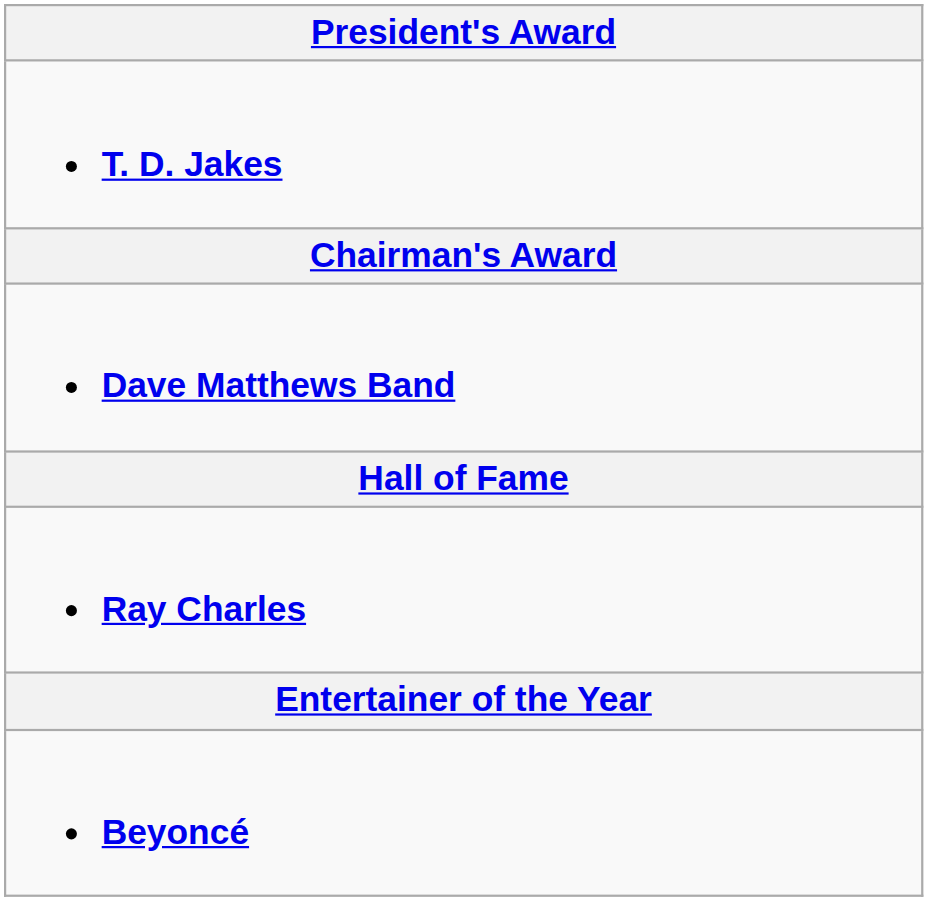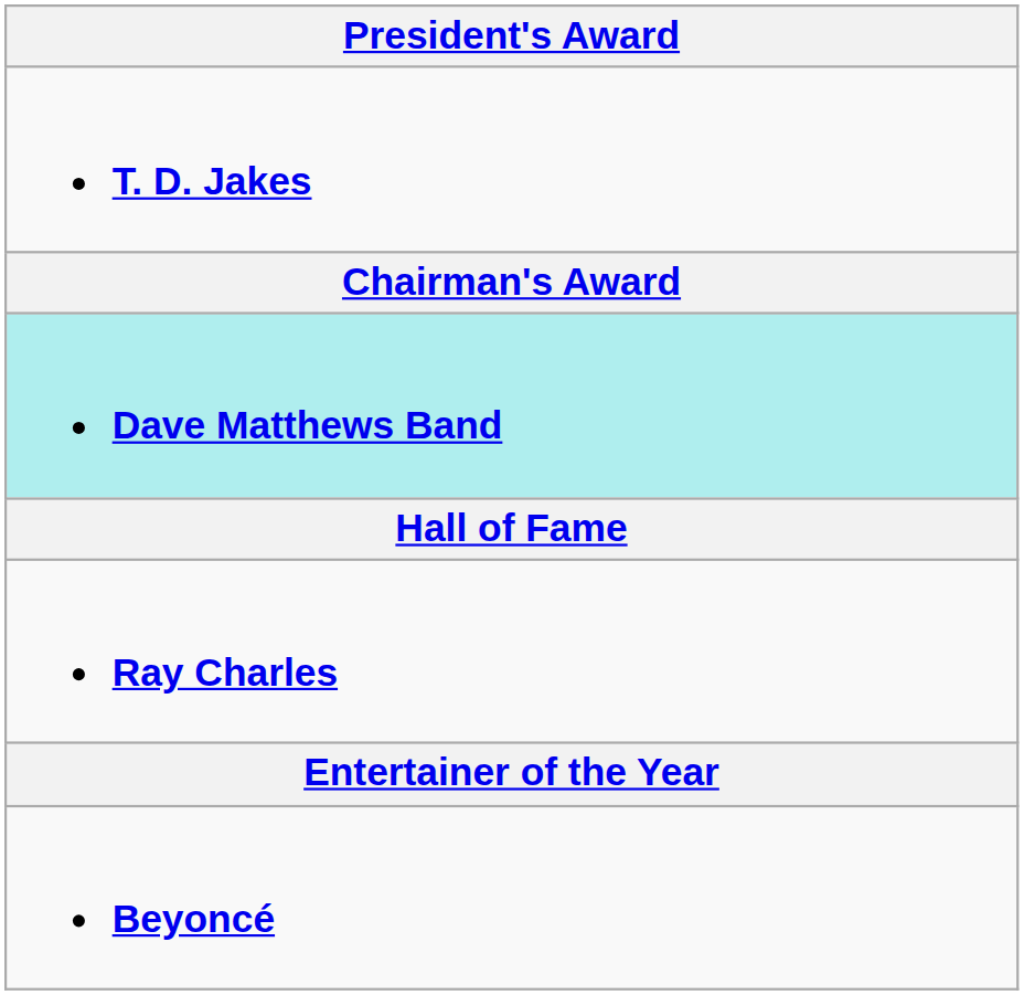 <table class="wikitable">
 <tr>
 <th style="width=50%"><a href='#'>President's Award</a></th>
 </tr>
 <tr>
 <td width="50%" valign="top"><br><ul><li><strong><a href='#'>T. D. Jakes</a></strong></li></ul></td>
 </tr>
 <tr>
 <th style="width=50%"><a href='#'>Chairman's Award</a></th>
 </tr>
 <tr>
-<td width="50%" valign="top"><br><ul><li><strong><a href='#'>Dave Matthews Band</a></strong></li></ul></td>
+<td width="50%" valign="top" style="background: paleturquoise;"><br><ul><li><strong><a href='#'>Dave Matthews Band</a></strong></li></ul></td>
 </tr>
 <tr>
 <th style="width=50%"><a href='#'>Hall of Fame</a></th>
 </tr>
 <tr>
 <td width="50%" valign="top"><br><ul><li><strong><a href='#'>Ray Charles</a></strong></li></ul></td>
 </tr>
 <tr>
 <th style="width=50%"><a href='#'>Entertainer of the Year</a></th>
 </tr>
 <tr>
 <td width="50%" valign="top"><br><ul><li><strong><a href='#'>Beyoncé</a></strong></li></ul></td>
 </tr>
 </table>
